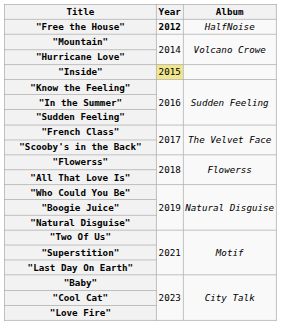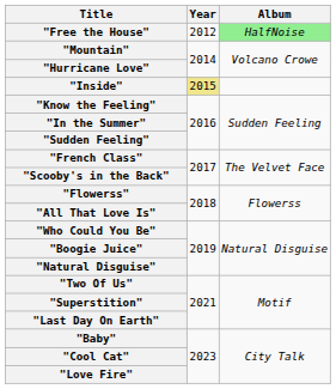 <table class="wikitable plainrowheaders" style="text-align:center;">
 <tr>
 <th scope="col" style="width:16em;">Title</th>
 <th scope="col">Year</th>
 <th scope="col">Album</th>
 </tr>
 <tr>
 <th scope="row">"Free the House"</th>
-<td><strong>2012</strong></td>
-<td><em>HalfNoise</em></td>
+<td>2012</td>
+<td style="background: lightgreen;"><em>HalfNoise</em></td>
 </tr>
 <tr>
 <th scope="row">"Mountain"</th>
 <td rowspan="2">2014</td>
 <td rowspan="2"><em>Volcano Crowe</em></td>
 </tr>
 <tr>
 <th scope="row">"Hurricane Love"</th>
 </tr>
 <tr>
 <th scope="row">"Inside"</th>
 <td style="background: khaki;">2015</td>
 <td></td>
 </tr>
 <tr>
 <th scope="row">"Know the Feeling"</th>
 <td rowspan="3">2016</td>
 <td rowspan="3"><em>Sudden Feeling</em></td>
 </tr>
 <tr>
 <th scope="row">"In the Summer"</th>
 </tr>
 <tr>
 <th scope="row">"Sudden Feeling"</th>
 </tr>
 <tr>
 <th scope="row">"French Class"</th>
 <td rowspan="2">2017</td>
 <td rowspan="2"><em>The Velvet Face</em></td>
 </tr>
 <tr>
 <th scope="row">"Scooby's in the Back"</th>
 </tr>
 <tr>
 <th scope="row">"Flowerss"</th>
 <td rowspan="2">2018</td>
 <td rowspan="2"><em>Flowerss</em></td>
 </tr>
 <tr>
 <th scope="row">"All That Love Is"</th>
 </tr>
 <tr>
 <th scope="row">"Who Could You Be"</th>
 <td rowspan="3">2019</td>
 <td rowspan="3"><em>Natural Disguise</em></td>
 </tr>
 <tr>
 <th scope="row">"Boogie Juice"</th>
 </tr>
 <tr>
 <th scope="row">"Natural Disguise"</th>
 </tr>
 <tr>
 <th scope="row">"Two Of Us"</th>
 <td rowspan="3">2021</td>
 <td rowspan="3"><em>Motif</em></td>
 </tr>
 <tr>
 <th scope="row">"Superstition"</th>
 </tr>
 <tr>
 <th scope="row">"Last Day On Earth"</th>
 </tr>
 <tr>
 <th scope="row">"Baby"</th>
 <td rowspan="3">2023</td>
 <td rowspan="3"><em>City Talk</em></td>
 </tr>
 <tr>
 <th scope="row">"Cool Cat"</th>
 </tr>
 <tr>
 <th scope="row">"Love Fire"</th>
 </tr>
 </table>
